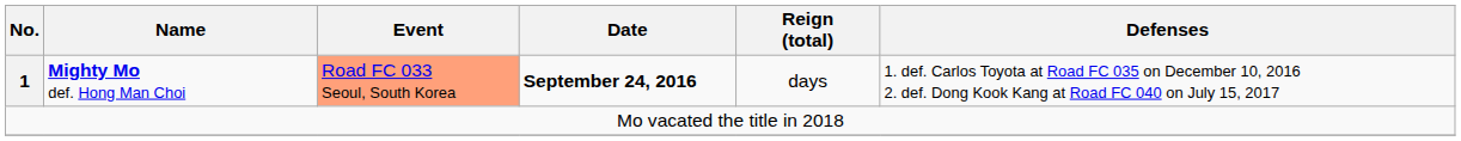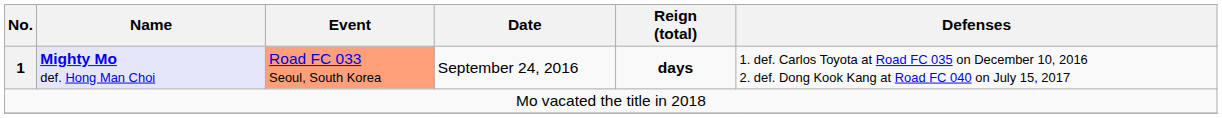 <table class="wikitable" style="width:99%;">
 <tr>
 <th style="width:2%;">No.</th>
 <th style="width:19%;">Name</th>
 <th style="width:14%;">Event</th>
 <th style="width:15%;">Date</th>
 <th style="width:10%;">Reign<br>(total)</th>
 <th style="width:40%;">Defenses</th>
 </tr>
 <tr>
 <th>1</th>
-<td> <strong><a href='#'>Mighty Mo</a></strong><br><small>def. <a href='#'>Hong Man Choi</a></small></td>
+<td style="background: lavender;"> <strong><a href='#'>Mighty Mo</a></strong><br><small>def. <a href='#'>Hong Man Choi</a></small></td>
 <td style="background: lightsalmon;"><a href='#'>Road FC 033</a><br><small>Seoul, South Korea</small></td>
-<td><strong>September 24, 2016</strong></td>
-<td style="text-align:center;"> days</td>
+<td>September 24, 2016</td>
+<td style="text-align:center;"><strong> days</strong></td>
 <td><small>1. def. Carlos Toyota at <a href='#'>Road FC 035</a> on December 10, 2016</small><small><br>2. def. Dong Kook Kang at <a href='#'>Road FC 040</a> on July 15, 2017</small></td>
 </tr>
 <tr>
 <td style="text-align:center;" colspan="6">Mo vacated the title in 2018</td>
 </tr>
 <tr>
 </tr>
 </table>
